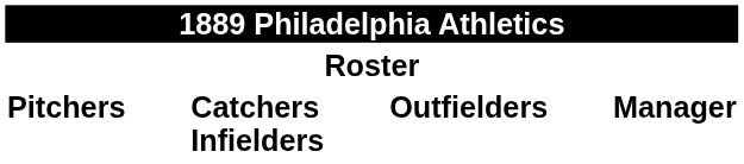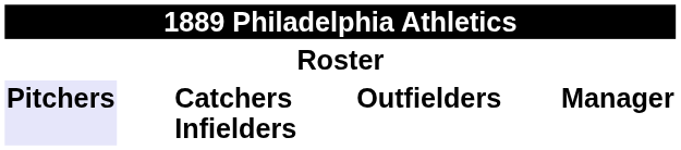 <table class="toccolours" style="font-size: 95%;">
 <tr>
 <th colspan="10" style="background-color: black; color: white; text-align: center;">1889 Philadelphia Athletics</th>
 </tr>
 <tr>
 <td colspan="10" style="background-color: white; color: black; text-align: center;"><strong>Roster</strong></td>
 </tr>
 <tr>
-<td valign="top"><strong>Pitchers</strong><br>      </td>
+<td valign="top" style="background: lavender;"><strong>Pitchers</strong><br>      </td>
 <td width="25px"></td>
 <td valign="top"><strong>Catchers</strong><br>     <strong>Infielders</strong>     </td>
 <td width="25px"></td>
 <td valign="top"><strong>Outfielders</strong><br>   </td>
 <td width="25px"></td>
 <td valign="top"><strong>Manager</strong><br></td>
 </tr>
 </table>
